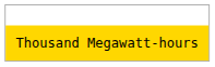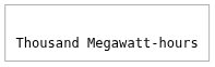 <table style="border:solid 1px #aaa;float:right; clear:right; margin-left:1em" cellpadding="10" cellspacing="0">
 <tr>
 <td></td>
 </tr>
 <tr>
-<td style="background: gold;">Thousand Megawatt-hours</td>
+<td>Thousand Megawatt-hours</td>
 </tr>
 </table>
